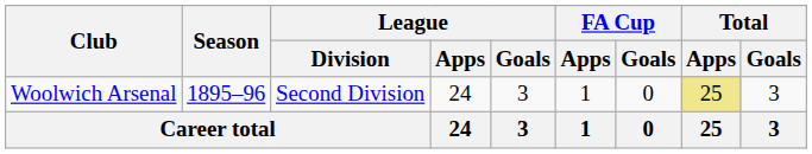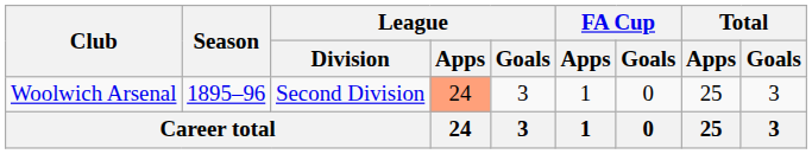 <table class="wikitable" style="text-align: center;">
 <tr>
 <th rowspan="2">Club</th>
 <th rowspan="2">Season</th>
 <th colspan="3">League</th>
 <th colspan="2"><a href='#'>FA Cup</a></th>
 <th colspan="2">Total</th>
 </tr>
 <tr>
 <th>Division</th>
 <th>Apps</th>
 <th>Goals</th>
 <th>Apps</th>
 <th>Goals</th>
 <th>Apps</th>
 <th>Goals</th>
 </tr>
 <tr>
 <td><a href='#'>Woolwich Arsenal</a></td>
 <td><a href='#'>1895–96</a></td>
 <td><a href='#'>Second Division</a></td>
-<td>24</td>
+<td style="background: lightsalmon;">24</td>
 <td>3</td>
 <td>1</td>
 <td>0</td>
-<td style="background: khaki;">25</td>
+<td>25</td>
 <td>3</td>
 </tr>
 <tr>
 <th colspan="3">Career total</th>
 <th>24</th>
 <th>3</th>
 <th>1</th>
 <th>0</th>
 <th>25</th>
 <th>3</th>
 </tr>
 </table>
